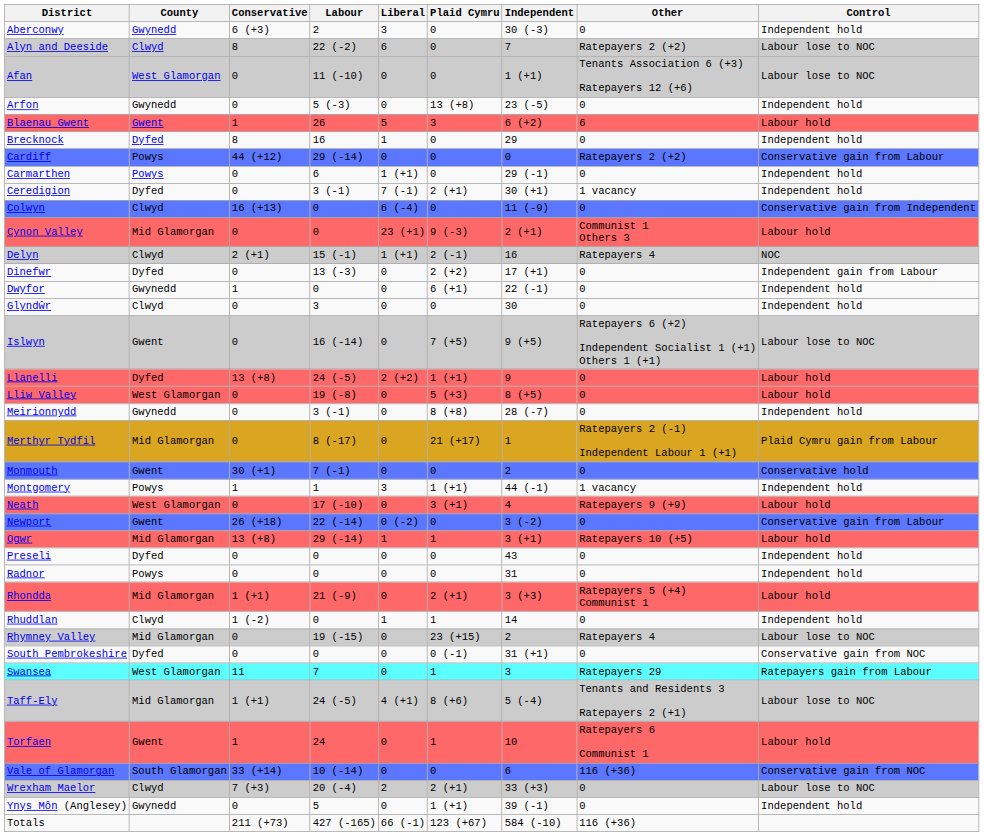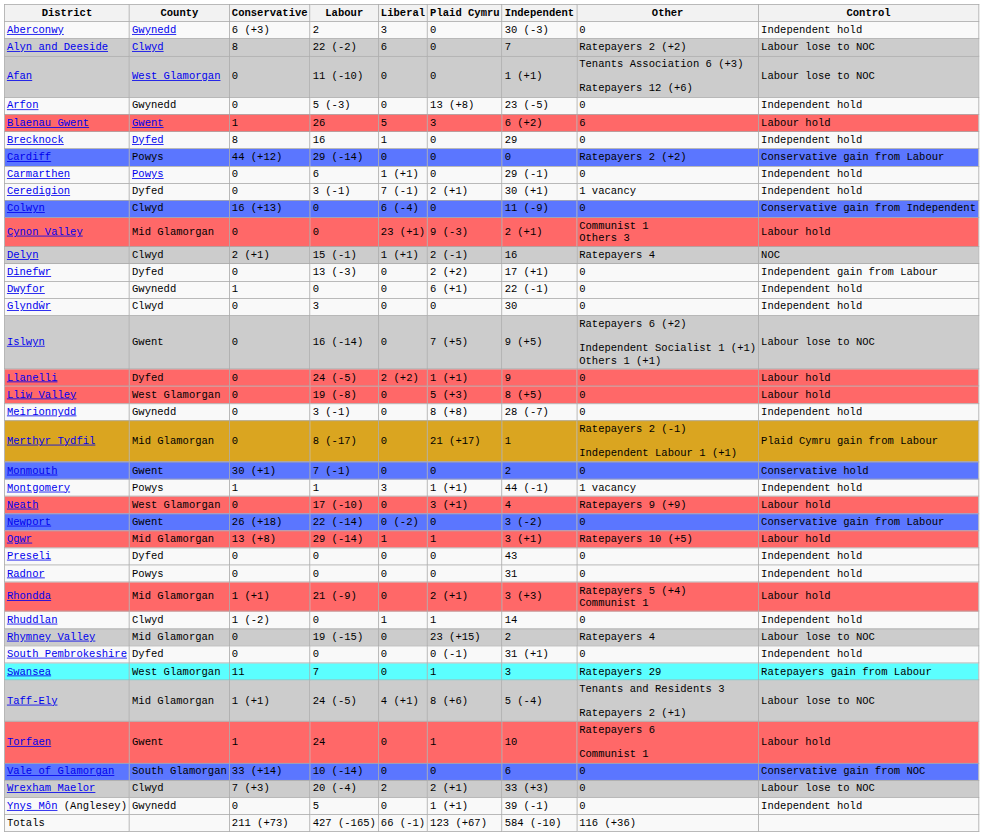 <table class="wikitable">
 <tr border=1 cellspacing=0 cellpadding=5>
 <th>District</th>
 <th>County</th>
 <th>Conservative</th>
 <th>Labour</th>
 <th>Liberal</th>
 <th>Plaid Cymru</th>
 <th>Independent</th>
 <th>Other</th>
 <th>Control</th>
 </tr>
 <tr>
 <td><a href='#'>Aberconwy</a></td>
 <td><a href='#'>Gwynedd</a></td>
 <td>6 (+3)</td>
 <td>2</td>
 <td>3</td>
 <td>0</td>
 <td>30 (-3)</td>
 <td>0</td>
 <td>Independent hold</td>
 </tr>
 <tr bgcolor=CCCCCC>
 <td><a href='#'>Alyn and Deeside</a></td>
 <td><a href='#'>Clwyd</a></td>
 <td>8</td>
 <td>22 (-2)</td>
 <td>6</td>
 <td>0</td>
 <td>7</td>
 <td>Ratepayers 2 (+2)</td>
 <td>Labour lose to NOC</td>
 </tr>
 <tr bgcolor=CCCCCC>
 <td><a href='#'>Afan</a></td>
 <td><a href='#'>West Glamorgan</a></td>
 <td>0</td>
 <td>11 (-10)</td>
 <td>0</td>
 <td>0</td>
 <td>1 (+1)</td>
 <td>Tenants Association 6 (+3)<br><br>Ratepayers 12 (+6)</td>
 <td>Labour lose to NOC</td>
 </tr>
 <tr>
 <td><a href='#'>Arfon</a></td>
 <td>Gwynedd</td>
 <td>0</td>
 <td>5 (-3)</td>
 <td>0</td>
 <td>13 (+8)</td>
 <td>23 (-5)</td>
 <td>0</td>
 <td>Independent hold</td>
 </tr>
 <tr bgcolor=FF6868>
 <td><a href='#'>Blaenau Gwent</a></td>
 <td><a href='#'>Gwent</a></td>
 <td>1</td>
 <td>26</td>
 <td>5</td>
 <td>3</td>
 <td>6 (+2)</td>
 <td>6</td>
 <td>Labour hold</td>
 </tr>
 <tr>
 <td><a href='#'>Brecknock</a></td>
 <td><a href='#'>Dyfed</a></td>
 <td>8</td>
 <td>16</td>
 <td>1</td>
 <td>0</td>
 <td>29</td>
 <td>0</td>
 <td>Independent hold</td>
 </tr>
 <tr bgcolor=5B76FF>
 <td><a href='#'>Cardiff</a></td>
 <td>Powys</td>
 <td>44 (+12)</td>
 <td>29 (-14)</td>
 <td>0</td>
 <td>0</td>
 <td>0</td>
 <td>Ratepayers 2 (+2)</td>
 <td>Conservative gain from Labour</td>
 </tr>
 <tr>
 <td><a href='#'>Carmarthen</a></td>
 <td><a href='#'>Powys</a></td>
 <td>0</td>
 <td>6</td>
 <td>1 (+1)</td>
 <td>0</td>
 <td>29 (-1)</td>
 <td>0</td>
 <td>Independent hold</td>
 </tr>
 <tr>
 <td><a href='#'>Ceredigion</a></td>
 <td>Dyfed</td>
 <td>0</td>
 <td>3 (-1)</td>
 <td>7 (-1)</td>
 <td>2 (+1)</td>
 <td>30 (+1)</td>
 <td>1 vacancy</td>
 <td>Independent hold</td>
 </tr>
 <tr bgcolor=5B76FF>
 <td><a href='#'>Colwyn</a></td>
 <td>Clwyd</td>
 <td>16 (+13)</td>
 <td>0</td>
 <td>6 (-4)</td>
 <td>0</td>
 <td>11 (-9)</td>
 <td>0</td>
 <td>Conservative gain from Independent</td>
 </tr>
 <tr bgcolor=FF6868>
 <td><a href='#'>Cynon Valley</a></td>
 <td>Mid Glamorgan</td>
 <td>0</td>
 <td>0</td>
 <td>23 (+1)</td>
 <td>9 (-3)</td>
 <td>2 (+1)</td>
 <td>Communist 1<br> Others 3</td>
 <td>Labour hold</td>
 </tr>
 <tr bgcolor=CCCCCC>
 <td><a href='#'>Delyn</a></td>
 <td>Clwyd</td>
 <td>2 (+1)</td>
 <td>15 (-1)</td>
 <td>1 (+1)</td>
 <td>2 (-1)</td>
 <td>16</td>
 <td>Ratepayers 4</td>
 <td>NOC</td>
 </tr>
 <tr>
 <td><a href='#'>Dinefwr</a></td>
 <td>Dyfed</td>
 <td>0</td>
 <td>13 (-3)</td>
 <td>0</td>
 <td>2 (+2)</td>
 <td>17 (+1)</td>
 <td>0</td>
 <td>Independent gain from Labour</td>
 </tr>
 <tr>
 <td><a href='#'>Dwyfor</a></td>
 <td>Gwynedd</td>
 <td>1</td>
 <td>0</td>
 <td>0</td>
 <td>6 (+1)</td>
 <td>22 (-1)</td>
 <td>0</td>
 <td>Independent hold</td>
 </tr>
 <tr>
 <td><a href='#'>Glyndŵr</a></td>
 <td>Clwyd</td>
 <td>0</td>
 <td>3</td>
 <td>0</td>
 <td>0</td>
 <td>30</td>
 <td>0</td>
 <td>Independent hold</td>
 </tr>
 <tr bgcolor=CCCCCC>
 <td><a href='#'>Islwyn</a></td>
 <td>Gwent</td>
 <td>0</td>
 <td>16 (-14)</td>
 <td>0</td>
 <td>7 (+5)</td>
 <td>9 (+5)</td>
 <td>Ratepayers 6 (+2)<br><br>Independent Socialist 1 (+1)<br> Others 1 (+1)</td>
 <td>Labour lose to NOC</td>
 </tr>
 <tr bgcolor=FF6868>
 <td><a href='#'>Llanelli</a></td>
 <td>Dyfed</td>
-<td>13 (+8)</td>
+<td>0</td>
 <td>24 (-5)</td>
 <td>2 (+2)</td>
 <td>1 (+1)</td>
 <td>9</td>
 <td>0</td>
 <td>Labour hold</td>
 </tr>
 <tr bgcolor=FF6868>
 <td><a href='#'>Lliw Valley</a></td>
 <td>West Glamorgan</td>
 <td>0</td>
 <td>19 (-8)</td>
 <td>0</td>
 <td>5 (+3)</td>
 <td>8 (+5)</td>
 <td>0</td>
 <td>Labour hold</td>
 </tr>
 <tr>
 <td><a href='#'>Meirionnydd</a></td>
 <td>Gwynedd</td>
 <td>0</td>
 <td>3 (-1)</td>
 <td>0</td>
 <td>8 (+8)</td>
 <td>28 (-7)</td>
 <td>0</td>
 <td>Independent hold</td>
 </tr>
 <tr bgcolor=DAA520>
 <td><a href='#'>Merthyr Tydfil</a></td>
 <td>Mid Glamorgan</td>
 <td>0</td>
 <td>8 (-17)</td>
 <td>0</td>
 <td>21 (+17)</td>
 <td>1</td>
 <td>Ratepayers 2 (-1) <br><br>Independent Labour 1 (+1)</td>
 <td>Plaid Cymru gain from Labour</td>
 </tr>
 <tr bgcolor=5B76FF>
 <td><a href='#'>Monmouth</a></td>
 <td>Gwent</td>
 <td>30 (+1)</td>
 <td>7 (-1)</td>
 <td>0</td>
 <td>0</td>
 <td>2</td>
 <td>0</td>
 <td>Conservative hold</td>
 </tr>
 <tr>
 <td><a href='#'>Montgomery</a></td>
 <td>Powys</td>
 <td>1</td>
 <td>1</td>
 <td>3</td>
 <td>1 (+1)</td>
 <td>44 (-1)</td>
 <td>1 vacancy</td>
 <td>Independent hold</td>
 </tr>
 <tr bgcolor=FF6868>
 <td><a href='#'>Neath</a></td>
 <td>West Glamorgan</td>
 <td>0</td>
 <td>17 (-10)</td>
 <td>0</td>
 <td>3 (+1)</td>
 <td>4</td>
 <td>Ratepayers 9 (+9)</td>
 <td>Labour hold</td>
 </tr>
 <tr bgcolor=5B76FF>
 <td><a href='#'>Newport</a></td>
 <td>Gwent</td>
 <td>26 (+18)</td>
 <td>22 (-14)</td>
 <td>0 (-2)</td>
 <td>0</td>
 <td>3 (-2)</td>
 <td>0</td>
 <td>Conservative gain from Labour</td>
 </tr>
 <tr bgcolor=FF6868>
 <td><a href='#'>Ogwr</a></td>
 <td>Mid Glamorgan</td>
 <td>13 (+8)</td>
 <td>29 (-14)</td>
 <td>1</td>
 <td>1</td>
 <td>3 (+1)</td>
 <td>Ratepayers 10 (+5)</td>
 <td>Labour hold</td>
 </tr>
 <tr>
 <td><a href='#'>Preseli</a></td>
 <td>Dyfed</td>
 <td>0</td>
 <td>0</td>
 <td>0</td>
 <td>0</td>
 <td>43</td>
 <td>0</td>
 <td>Independent hold</td>
 </tr>
 <tr>
 <td><a href='#'>Radnor</a></td>
 <td>Powys</td>
 <td>0</td>
 <td>0</td>
 <td>0</td>
 <td>0</td>
 <td>31</td>
 <td>0</td>
 <td>Independent hold</td>
 </tr>
 <tr bgcolor=FF6868>
 <td><a href='#'>Rhondda</a></td>
 <td>Mid Glamorgan</td>
 <td>1 (+1)</td>
 <td>21 (-9)</td>
 <td>0</td>
 <td>2 (+1)</td>
 <td>3 (+3)</td>
 <td>Ratepayers 5 (+4)<br>Communist 1</td>
 <td>Labour hold</td>
 </tr>
 <tr>
 <td><a href='#'>Rhuddlan</a></td>
 <td>Clwyd</td>
 <td>1 (-2)</td>
 <td>0</td>
 <td>1</td>
 <td>1</td>
 <td>14</td>
 <td>0</td>
 <td>Independent hold</td>
 </tr>
 <tr bgcolor=CCCCCC>
 <td><a href='#'>Rhymney Valley</a></td>
 <td>Mid Glamorgan</td>
 <td>0</td>
 <td>19 (-15)</td>
 <td>0</td>
 <td>23 (+15)</td>
 <td>2</td>
 <td>Ratepayers 4</td>
 <td>Labour lose to NOC</td>
 </tr>
 <tr>
 <td><a href='#'>South Pembrokeshire</a></td>
 <td>Dyfed</td>
 <td>0</td>
 <td>0</td>
 <td>0</td>
 <td>0 (-1)</td>
 <td>31 (+1)</td>
 <td>0</td>
-<td>Conservative gain from NOC</td>
+<td>Independent hold</td>
 </tr>
 <tr bgcolor=5BFFFF>
 <td><a href='#'>Swansea</a></td>
 <td>West Glamorgan</td>
 <td>11</td>
 <td>7</td>
 <td>0</td>
 <td>1</td>
 <td>3</td>
 <td>Ratepayers 29</td>
 <td>Ratepayers gain from Labour</td>
 </tr>
 <tr bgcolor=CCCCCC>
 <td><a href='#'>Taff-Ely</a></td>
 <td>Mid Glamorgan</td>
 <td>1 (+1)</td>
 <td>24 (-5)</td>
 <td>4 (+1)</td>
 <td>8 (+6)</td>
 <td>5 (-4)</td>
 <td>Tenants and Residents 3<br><br>Ratepayers 2 (+1)</td>
 <td>Labour lose to NOC</td>
 </tr>
 <tr bgcolor=FF6868>
 <td><a href='#'>Torfaen</a></td>
 <td>Gwent</td>
 <td>1</td>
 <td>24</td>
 <td>0</td>
 <td>1</td>
 <td>10</td>
 <td>Ratepayers 6<br><br>Communist 1</td>
 <td>Labour hold</td>
 </tr>
 <tr bgcolor=5B76FF>
 <td><a href='#'>Vale of Glamorgan</a></td>
 <td>South Glamorgan</td>
 <td>33 (+14)</td>
 <td>10 (-14)</td>
 <td>0</td>
 <td>0</td>
 <td>6</td>
-<td>116 (+36)</td>
+<td>0</td>
 <td>Conservative gain from NOC</td>
 </tr>
 <tr bgcolor=CCCCCC>
 <td><a href='#'>Wrexham Maelor</a></td>
 <td>Clwyd</td>
 <td>7 (+3)</td>
 <td>20 (-4)</td>
 <td>2</td>
 <td>2 (+1)</td>
 <td>33 (+3)</td>
 <td>0</td>
 <td>Labour lose to NOC</td>
 </tr>
 <tr>
 <td><a href='#'>Ynys Môn</a> (Anglesey)</td>
 <td>Gwynedd</td>
 <td>0</td>
 <td>5</td>
 <td>0</td>
 <td>1 (+1)</td>
 <td>39 (-1)</td>
 <td>0</td>
 <td>Independent hold</td>
 </tr>
 <tr>
 <td>Totals</td>
 <td></td>
 <td>211 (+73)</td>
 <td>427 (-165)</td>
 <td>66 (-1)</td>
 <td>123 (+67)</td>
 <td>584 (-10)</td>
 <td>116 (+36)</td>
 <td></td>
 </tr>
 </table>
